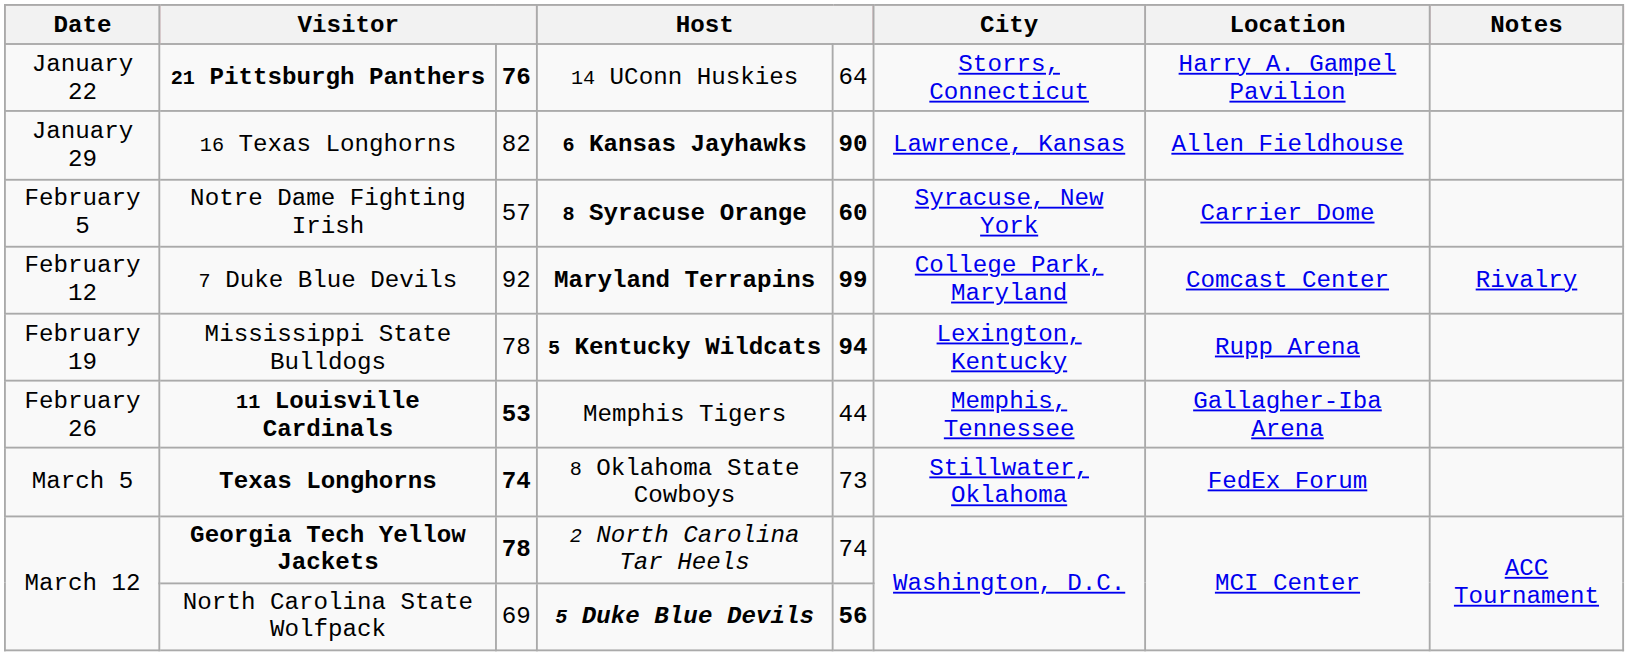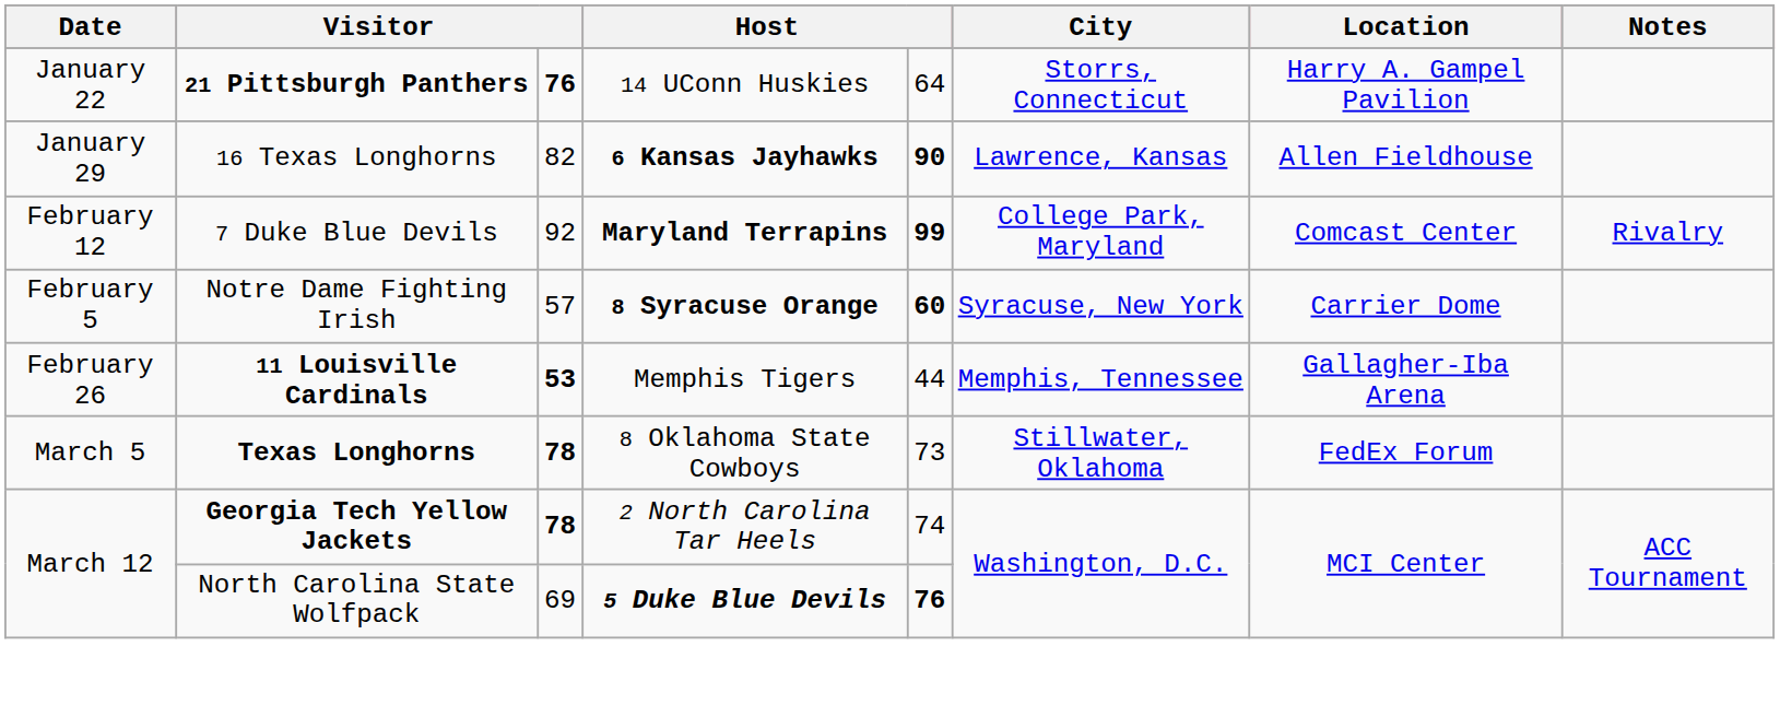 <table class="wikitable" style="text-align:center">
 <tr style="background:#A32638;"|>
 <th>Date</th>
 <th colspan=2>Visitor</th>
 <th colspan=2>Host</th>
 <th>City</th>
 <th>Location</th>
 <th>Notes</th>
 </tr>
 <tr>
 <td>January 22</td>
 <td><strong><small>21</small> Pittsburgh Panthers</strong></td>
 <td><strong>76</strong></td>
 <td><small>14</small> UConn Huskies</td>
 <td>64</td>
 <td><a href='#'>Storrs, Connecticut</a></td>
 <td><a href='#'>Harry A. Gampel Pavilion</a></td>
 <td></td>
 </tr>
 <tr>
 <td>January 29</td>
 <td><small>16</small> Texas Longhorns</td>
 <td>82</td>
 <td><strong><small>6</small> Kansas Jayhawks</strong></td>
 <td><strong>90</strong></td>
 <td><a href='#'>Lawrence, Kansas</a></td>
 <td><a href='#'>Allen Fieldhouse</a></td>
 <td></td>
 </tr>
 <tr>
-<td>February 5</td>
-<td>Notre Dame Fighting Irish</td>
-<td>57</td>
-<td><strong><small>8</small> Syracuse Orange</strong></td>
-<td><strong>60</strong></td>
-<td><a href='#'>Syracuse, New York</a></td>
-<td><a href='#'>Carrier Dome</a></td>
-<td></td>
-</tr>
-<tr>
 <td>February 12</td>
 <td><small>7</small> Duke Blue Devils</td>
 <td>92</td>
 <td><strong>Maryland Terrapins</strong></td>
 <td><strong>99</strong></td>
 <td><a href='#'>College Park, Maryland</a></td>
 <td><a href='#'>Comcast Center</a></td>
 <td><a href='#'>Rivalry</a></td>
 </tr>
 <tr>
-<td>February 19</td>
-<td>Mississippi State Bulldogs</td>
-<td>78</td>
-<td><strong><small>5</small> Kentucky Wildcats</strong></td>
-<td><strong>94</strong></td>
-<td><a href='#'>Lexington, Kentucky</a></td>
-<td><a href='#'>Rupp Arena</a></td>
+<td>February 5</td>
+<td>Notre Dame Fighting Irish</td>
+<td>57</td>
+<td><strong><small>8</small> Syracuse Orange</strong></td>
+<td><strong>60</strong></td>
+<td><a href='#'>Syracuse, New York</a></td>
+<td><a href='#'>Carrier Dome</a></td>
 <td></td>
 </tr>
 <tr>
 <td>February 26</td>
 <td><strong><small>11</small> Louisville Cardinals</strong></td>
 <td><strong>53</strong></td>
 <td>Memphis Tigers</td>
 <td>44</td>
 <td><a href='#'>Memphis, Tennessee</a></td>
 <td><a href='#'>Gallagher-Iba Arena</a></td>
 <td></td>
 </tr>
 <tr>
 <td>March 5</td>
 <td><strong>Texas Longhorns</strong></td>
-<td><strong>74</strong></td>
+<td><strong>78</strong></td>
 <td><small>8</small> Oklahoma State Cowboys</td>
 <td>73</td>
 <td><a href='#'>Stillwater, Oklahoma</a></td>
 <td><a href='#'>FedEx Forum</a></td>
 <td></td>
 </tr>
 <tr>
 <td rowspan="2">March 12</td>
 <td><strong>Georgia Tech Yellow Jackets</strong></td>
 <td><strong>78</strong></td>
 <td><em><small>2</small> North Carolina Tar Heels</em></td>
 <td>74</td>
 <td rowspan="2"><a href='#'>Washington, D.C.</a></td>
 <td rowspan="2"><a href='#'>MCI Center</a></td>
 <td rowspan="2"><a href='#'>ACC Tournament</a></td>
 </tr>
 <tr>
 <td>North Carolina State Wolfpack</td>
 <td>69</td>
 <td><strong><em><small>5</small> Duke Blue Devils</em></strong></td>
-<td><strong>56</strong></td>
+<td><strong>76</strong></td>
 </tr>
 </table>
